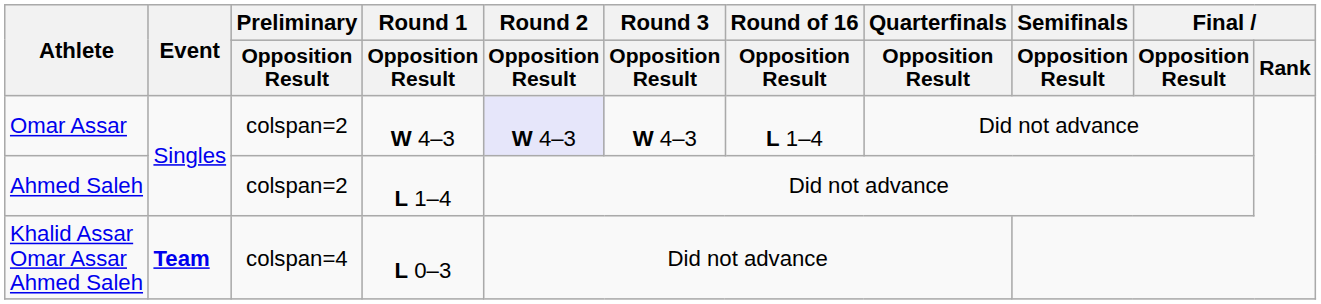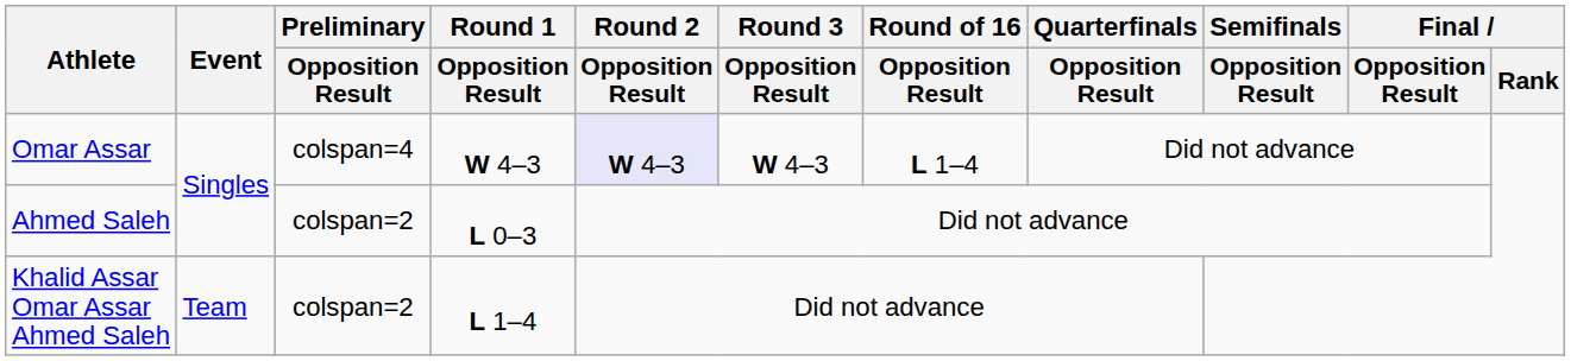 <table class="wikitable" style="font-size:90%;">
 <tr>
 <th rowspan=2>Athlete</th>
 <th rowspan=2>Event</th>
 <th>Preliminary</th>
 <th>Round 1</th>
 <th>Round 2</th>
 <th>Round 3</th>
 <th>Round of 16</th>
 <th>Quarterfinals</th>
 <th>Semifinals</th>
 <th colspan=2>Final / </th>
 </tr>
 <tr style="font-size:95%">
 <th>Opposition<br>Result</th>
 <th>Opposition<br>Result</th>
 <th>Opposition<br>Result</th>
 <th>Opposition<br>Result</th>
 <th>Opposition<br>Result</th>
 <th>Opposition<br>Result</th>
 <th>Opposition<br>Result</th>
 <th>Opposition<br>Result</th>
 <th>Rank</th>
 </tr>
 <tr align=center>
 <td align=left><a href='#'>Omar Assar</a></td>
 <td align=left rowspan=2><a href='#'>Singles</a></td>
-<td>colspan=2 </td>
+<td>colspan=4 </td>
 <td><br><strong>W</strong> 4–3</td>
 <td style="background: lavender;"><br><strong>W</strong> 4–3</td>
 <td><br><strong>W</strong> 4–3</td>
 <td><br><strong>L</strong> 1–4</td>
 <td colspan="3">Did not advance</td>
 </tr>
 <tr align=center>
 <td align=left><a href='#'>Ahmed Saleh</a></td>
 <td>colspan=2 </td>
-<td><br><strong>L</strong> 1–4</td>
+<td><br><strong>L</strong> 0–3</td>
 <td colspan=6>Did not advance</td>
 </tr>
 <tr align=center>
 <td align=left><a href='#'>Khalid Assar</a><br><a href='#'>Omar Assar</a><br><a href='#'>Ahmed Saleh</a></td>
-<td align=left><strong><a href='#'>Team</a></strong></td>
-<td>colspan=4 </td>
-<td><br><strong>L</strong> 0–3</td>
+<td align=left><a href='#'>Team</a></td>
+<td>colspan=2 </td>
+<td><br><strong>L</strong> 1–4</td>
 <td colspan="4">Did not advance</td>
 </tr>
 </table>
